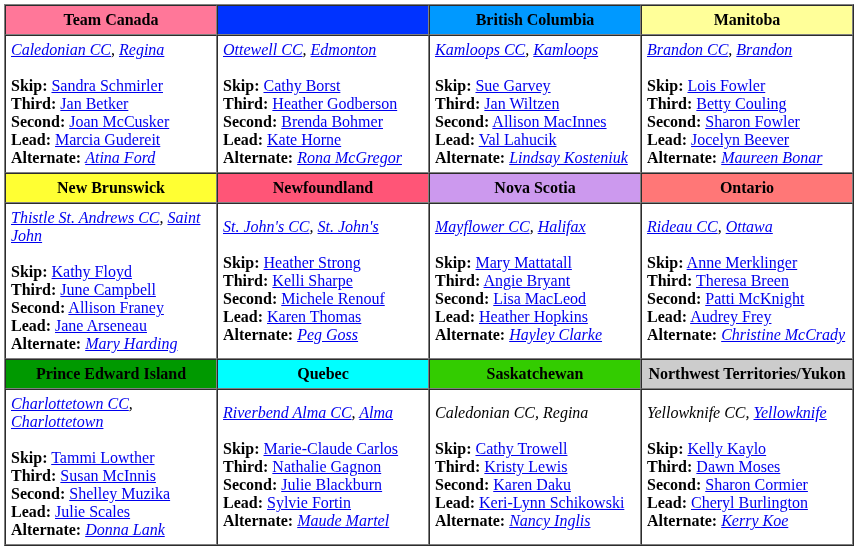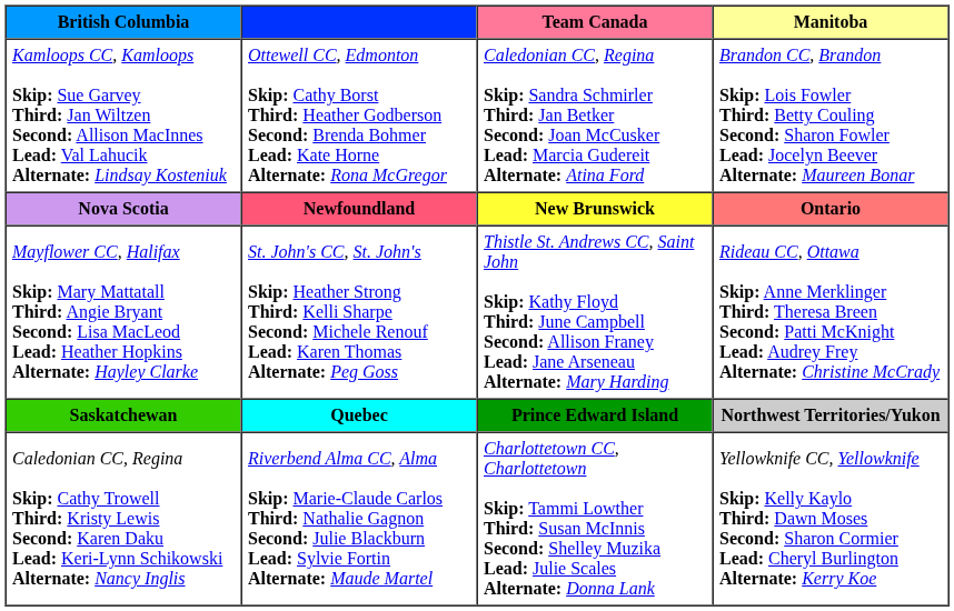 <table border=1 cellpadding=5 cellspacing=0>
 <tr>
+<th bgcolor="#0099ff" width="200">British Columbia</th>
+<th bgcolor="#0033ff" width="200"></th>
 <th bgcolor="#ff7799" width="200">Team Canada</th>
-<th bgcolor="#0033ff" width="200"></th>
-<th bgcolor="#0099ff" width="200">British Columbia</th>
 <th bgcolor="#ffff99" width="200">Manitoba</th>
 </tr>
 <tr align=center>
+<td align=left><em><a href='#'>Kamloops CC</a>, <a href='#'>Kamloops</a></em><br><br><strong>Skip:</strong> <a href='#'>Sue Garvey</a><br> <strong>Third:</strong> <a href='#'>Jan Wiltzen</a><br> <strong>Second:</strong> <a href='#'>Allison MacInnes</a><br> <strong>Lead:</strong> <a href='#'>Val Lahucik</a><br> <strong>Alternate:</strong> <em><a href='#'>Lindsay Kosteniuk</a></em></td>
+<td align=left><em><a href='#'>Ottewell CC</a>, <a href='#'>Edmonton</a></em><br><br><strong>Skip:</strong> <a href='#'>Cathy Borst</a><br> <strong>Third:</strong> <a href='#'>Heather Godberson</a><br> <strong>Second:</strong> <a href='#'>Brenda Bohmer</a><br> <strong>Lead:</strong> <a href='#'>Kate Horne</a><br> <strong>Alternate:</strong> <em><a href='#'>Rona McGregor</a></em></td>
 <td align=left><em><a href='#'>Caledonian CC</a>, <a href='#'>Regina</a></em><br><br><strong>Skip:</strong> <a href='#'>Sandra Schmirler</a><br> <strong>Third:</strong> <a href='#'>Jan Betker</a><br> <strong>Second:</strong> <a href='#'>Joan McCusker</a><br> <strong>Lead:</strong> <a href='#'>Marcia Gudereit</a><br> <strong>Alternate:</strong> <em><a href='#'>Atina Ford</a></em></td>
-<td align=left><em><a href='#'>Ottewell CC</a>, <a href='#'>Edmonton</a></em><br><br><strong>Skip:</strong> <a href='#'>Cathy Borst</a><br> <strong>Third:</strong> <a href='#'>Heather Godberson</a><br> <strong>Second:</strong> <a href='#'>Brenda Bohmer</a><br> <strong>Lead:</strong> <a href='#'>Kate Horne</a><br> <strong>Alternate:</strong> <em><a href='#'>Rona McGregor</a></em></td>
-<td align=left><em><a href='#'>Kamloops CC</a>, <a href='#'>Kamloops</a></em><br><br><strong>Skip:</strong> <a href='#'>Sue Garvey</a><br> <strong>Third:</strong> <a href='#'>Jan Wiltzen</a><br> <strong>Second:</strong> <a href='#'>Allison MacInnes</a><br> <strong>Lead:</strong> <a href='#'>Val Lahucik</a><br> <strong>Alternate:</strong> <em><a href='#'>Lindsay Kosteniuk</a></em></td>
 <td align=left><em><a href='#'>Brandon CC</a>, <a href='#'>Brandon</a></em><br><br><strong>Skip:</strong> <a href='#'>Lois Fowler</a><br> <strong>Third:</strong> <a href='#'>Betty Couling</a><br> <strong>Second:</strong> <a href='#'>Sharon Fowler</a><br> <strong>Lead:</strong> <a href='#'>Jocelyn Beever</a><br> <strong>Alternate:</strong> <em><a href='#'>Maureen Bonar</a></em></td>
 </tr>
 <tr border=1 cellpadding=5 cellspacing=0>
+<th bgcolor="#cc99ee" width="200">Nova Scotia</th>
+<th bgcolor="#ff5577" width="200">Newfoundland</th>
 <th bgcolor="#ffff33" width="200">New Brunswick</th>
-<th bgcolor="#ff5577" width="200">Newfoundland</th>
-<th bgcolor="#cc99ee" width="200">Nova Scotia</th>
 <th bgcolor="#ff7777" width="200">Ontario</th>
 </tr>
 <tr align=center>
+<td align=left><em><a href='#'>Mayflower CC</a>, <a href='#'>Halifax</a></em><br><br><strong>Skip:</strong> <a href='#'>Mary Mattatall</a><br> <strong>Third:</strong> <a href='#'>Angie Bryant</a><br> <strong>Second:</strong> <a href='#'>Lisa MacLeod</a><br> <strong>Lead:</strong> <a href='#'>Heather Hopkins</a><br> <strong>Alternate:</strong> <em><a href='#'>Hayley Clarke</a></em></td>
+<td align=left><em><a href='#'>St. John's CC</a>, <a href='#'>St. John's</a></em><br><br><strong>Skip:</strong> <a href='#'>Heather Strong</a> <br> <strong>Third:</strong> <a href='#'>Kelli Sharpe</a><br> <strong>Second:</strong> <a href='#'>Michele Renouf</a><br> <strong>Lead:</strong> <a href='#'>Karen Thomas</a><br> <strong>Alternate:</strong> <em><a href='#'>Peg Goss</a></em></td>
 <td align=left><em><a href='#'>Thistle St. Andrews CC</a>, <a href='#'>Saint John</a></em><br><br><strong>Skip:</strong> <a href='#'>Kathy Floyd</a><br> <strong>Third:</strong> <a href='#'>June Campbell</a><br> <strong>Second:</strong> <a href='#'>Allison Franey</a><br> <strong>Lead:</strong> <a href='#'>Jane Arseneau</a><br> <strong>Alternate:</strong> <em><a href='#'>Mary Harding</a></em></td>
-<td align=left><em><a href='#'>St. John's CC</a>, <a href='#'>St. John's</a></em><br><br><strong>Skip:</strong> <a href='#'>Heather Strong</a> <br> <strong>Third:</strong> <a href='#'>Kelli Sharpe</a><br> <strong>Second:</strong> <a href='#'>Michele Renouf</a><br> <strong>Lead:</strong> <a href='#'>Karen Thomas</a><br> <strong>Alternate:</strong> <em><a href='#'>Peg Goss</a></em></td>
-<td align=left><em><a href='#'>Mayflower CC</a>, <a href='#'>Halifax</a></em><br><br><strong>Skip:</strong> <a href='#'>Mary Mattatall</a><br> <strong>Third:</strong> <a href='#'>Angie Bryant</a><br> <strong>Second:</strong> <a href='#'>Lisa MacLeod</a><br> <strong>Lead:</strong> <a href='#'>Heather Hopkins</a><br> <strong>Alternate:</strong> <em><a href='#'>Hayley Clarke</a></em></td>
 <td align=left><em><a href='#'>Rideau CC</a>, <a href='#'>Ottawa</a></em><br><br><strong>Skip:</strong> <a href='#'>Anne Merklinger</a><br> <strong>Third:</strong> <a href='#'>Theresa Breen</a><br> <strong>Second:</strong> <a href='#'>Patti McKnight</a><br> <strong>Lead:</strong> <a href='#'>Audrey Frey</a><br> <strong>Alternate:</strong> <em><a href='#'>Christine McCrady</a></em></td>
 </tr>
 <tr border=1 cellpadding=5 cellspacing=0>
+<th bgcolor="#33cc00" width="200">Saskatchewan</th>
+<th bgcolor="#00ffff" width="200">Quebec</th>
 <th bgcolor="#009900" width="200">Prince Edward Island</th>
-<th bgcolor="#00ffff" width="200">Quebec</th>
-<th bgcolor="#33cc00" width="200">Saskatchewan</th>
 <th bgcolor="#cccccc" width="200">Northwest Territories/Yukon</th>
 </tr>
 <tr align=center>
+<td align=left><em>Caledonian CC, Regina</em><br><br><strong>Skip:</strong> <a href='#'>Cathy Trowell</a><br> <strong>Third:</strong> <a href='#'>Kristy Lewis</a><br> <strong>Second:</strong> <a href='#'>Karen Daku</a><br> <strong>Lead:</strong> <a href='#'>Keri-Lynn Schikowski</a><br> <strong>Alternate:</strong> <em><a href='#'>Nancy Inglis</a></em></td>
+<td align=left><em><a href='#'>Riverbend Alma CC</a>, <a href='#'>Alma</a></em><br><br><strong>Skip:</strong> <a href='#'>Marie-Claude Carlos</a><br> <strong>Third:</strong> <a href='#'>Nathalie Gagnon</a><br> <strong>Second:</strong> <a href='#'>Julie Blackburn</a><br> <strong>Lead:</strong> <a href='#'>Sylvie Fortin</a><br> <strong>Alternate:</strong> <em><a href='#'>Maude Martel</a></em></td>
 <td align=left><em><a href='#'>Charlottetown CC</a>, <a href='#'>Charlottetown</a></em><br><br><strong>Skip:</strong> <a href='#'>Tammi Lowther</a><br> <strong>Third:</strong> <a href='#'>Susan McInnis</a><br> <strong>Second:</strong> <a href='#'>Shelley Muzika</a><br> <strong>Lead:</strong> <a href='#'>Julie Scales</a><br> <strong>Alternate:</strong> <em><a href='#'>Donna Lank</a></em></td>
-<td align=left><em><a href='#'>Riverbend Alma CC</a>, <a href='#'>Alma</a></em><br><br><strong>Skip:</strong> <a href='#'>Marie-Claude Carlos</a><br> <strong>Third:</strong> <a href='#'>Nathalie Gagnon</a><br> <strong>Second:</strong> <a href='#'>Julie Blackburn</a><br> <strong>Lead:</strong> <a href='#'>Sylvie Fortin</a><br> <strong>Alternate:</strong> <em><a href='#'>Maude Martel</a></em></td>
-<td align=left><em>Caledonian CC, Regina</em><br><br><strong>Skip:</strong> <a href='#'>Cathy Trowell</a><br> <strong>Third:</strong> <a href='#'>Kristy Lewis</a><br> <strong>Second:</strong> <a href='#'>Karen Daku</a><br> <strong>Lead:</strong> <a href='#'>Keri-Lynn Schikowski</a><br> <strong>Alternate:</strong> <em><a href='#'>Nancy Inglis</a></em></td>
 <td align=left><em>Yellowknife CC, <a href='#'>Yellowknife</a></em><br><br><strong>Skip:</strong> <a href='#'>Kelly Kaylo</a><br> <strong>Third:</strong> <a href='#'>Dawn Moses</a><br> <strong>Second:</strong> <a href='#'>Sharon Cormier</a><br> <strong>Lead:</strong> <a href='#'>Cheryl Burlington</a><br> <strong>Alternate:</strong> <em><a href='#'>Kerry Koe</a></em></td>
 </tr>
 </table>
